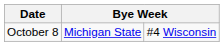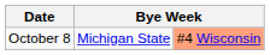 <table class="wikitable" style="font-size:95%;">
 <tr>
 <th>Date</th>
 <th colspan="2">Bye Week</th>
 </tr>
 <tr>
 <td>October 8</td>
 <td><a href='#'>Michigan State</a></td>
-<td>#4 <a href='#'>Wisconsin</a></td>
+<td style="background: lightsalmon;">#4 <a href='#'>Wisconsin</a></td>
 </tr>
 </table>
